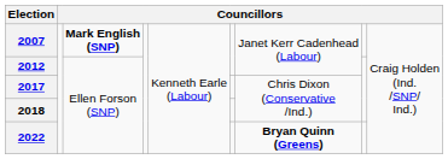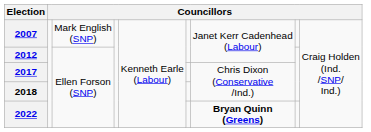 <table class="wikitable" style="text-align:center">
 <tr>
 <th>Election</th>
 <th colspan=8>Councillors</th>
 </tr>
 <tr>
 <th><a href='#'>2007</a></th>
 <td rowspan=5; style="background-color: "></td>
-<td rowspan=1><strong>Mark English<br>(<a href='#'>SNP</a>)</strong></td>
+<td rowspan=1>Mark English<br>(<a href='#'>SNP</a>)</td>
 <td rowspan=5; style="background-color: "></td>
 <td rowspan=5>Kenneth Earle<br>(<a href='#'>Labour</a>)</td>
 <td rowspan=2; style="background-color: "></td>
 <td rowspan=2>Janet Kerr Cadenhead<br>(<a href='#'>Labour</a>)</td>
 <td rowspan=1; style="background-color: "></td>
 <td rowspan=5>Craig Holden<br>(Ind.<br>/<a href='#'>SNP</a>/<br>Ind.)</td>
 </tr>
 <tr>
 <th><a href='#'>2012</a></th>
 <td rowspan=4>Ellen Forson<br>(<a href='#'>SNP</a>)</td>
 <td rowspan=3; style="background-color: "></td>
 </tr>
 <tr>
 <th><a href='#'>2017</a></th>
 <td rowspan=1; style="background-color: "></td>
 <td rowspan=2>Chris Dixon<br>(<a href='#'>Conservative</a><br>/Ind.)</td>
 </tr>
 <tr>
 <th>2018</th>
 <td rowspan=1; style="background-color: "></td>
 </tr>
 <tr>
 <th><a href='#'>2022</a></th>
 <td rowspan=1; style="background-color: "></td>
 <td rowspan=1><strong>Bryan Quinn<br>(<a href='#'>Greens</a>)</strong></td>
 <td rowspan=1; style="background-color: "></td>
 </tr>
 </table>
